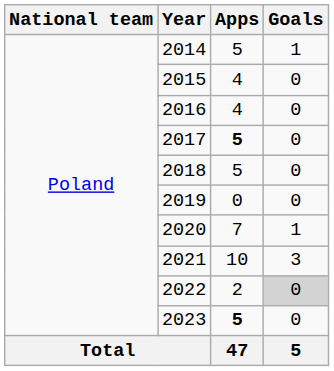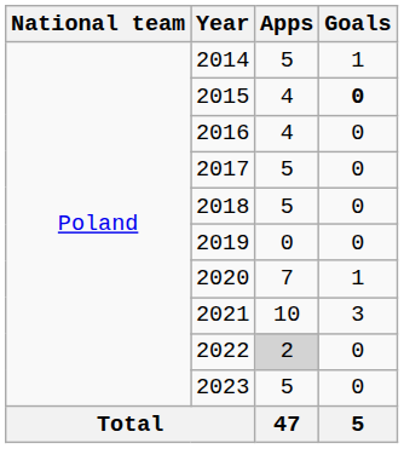 <table class="wikitable" style="text-align:center">
 <tr>
 <th>National team</th>
 <th>Year</th>
 <th>Apps</th>
 <th>Goals</th>
 </tr>
 <tr>
 <td rowspan="10"><a href='#'>Poland</a></td>
 <td>2014</td>
 <td>5</td>
 <td>1</td>
 </tr>
 <tr>
 <td>2015</td>
 <td>4</td>
-<td>0</td>
+<td><strong>0</strong></td>
 </tr>
 <tr>
 <td>2016</td>
 <td>4</td>
 <td>0</td>
 </tr>
 <tr>
 <td>2017</td>
-<td><strong>5</strong></td>
+<td>5</td>
 <td>0</td>
 </tr>
 <tr>
 <td>2018</td>
 <td>5</td>
 <td>0</td>
 </tr>
 <tr>
 <td>2019</td>
 <td>0</td>
 <td>0</td>
 </tr>
 <tr>
 <td>2020</td>
 <td>7</td>
 <td>1</td>
 </tr>
 <tr>
 <td>2021</td>
 <td>10</td>
 <td>3</td>
 </tr>
 <tr>
 <td>2022</td>
-<td>2</td>
-<td style="background: lightgrey;">0</td>
+<td style="background: lightgrey;">2</td>
+<td>0</td>
 </tr>
 <tr>
 <td>2023</td>
-<td><strong>5</strong></td>
+<td>5</td>
 <td>0</td>
 </tr>
 <tr>
 <th colspan="2">Total</th>
 <th>47</th>
 <th>5</th>
 </tr>
 </table>
